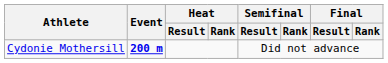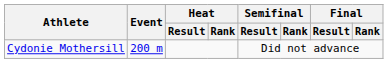 <table class="wikitable" style="font-size:90%">
 <tr>
 <th rowspan="2">Athlete</th>
 <th rowspan="2">Event</th>
 <th colspan="2">Heat</th>
 <th colspan="2">Semifinal</th>
 <th colspan="2">Final</th>
 </tr>
 <tr style="font-size:95%">
 <th>Result</th>
 <th>Rank</th>
 <th>Result</th>
 <th>Rank</th>
 <th>Result</th>
 <th>Rank</th>
 </tr>
 <tr align=center>
 <td align=left><a href='#'>Cydonie Mothersill</a></td>
-<td align=left><strong><a href='#'>200 m</a></strong></td>
+<td align=left><a href='#'>200 m</a></td>
 <td colspan=2></td>
 <td colspan=4>Did not advance</td>
 </tr>
 </table>
